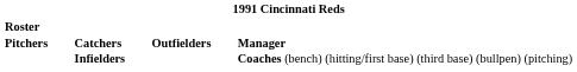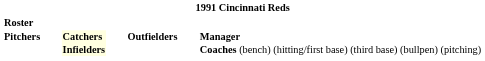 <table class="toccolours" style="font-size: 95%;">
 <tr>
 <th colspan="10">1991 Cincinnati Reds</th>
 </tr>
 <tr>
 <td colspan="10"><strong>Roster</strong></td>
 </tr>
 <tr>
 <td valign="top"><strong>Pitchers</strong><br>                </td>
 <td style="width:25px;"></td>
-<td valign="top"><strong>Catchers</strong><br>    <strong>Infielders</strong>           </td>
+<td valign="top" style="background: lightyellow;"><strong>Catchers</strong><br>    <strong>Infielders</strong>           </td>
 <td style="width:25px;"></td>
 <td valign="top"><strong>Outfielders</strong><br>       </td>
 <td style="width:25px;"></td>
 <td valign="top"><strong>Manager</strong><br> <strong>Coaches</strong>  (bench)  (hitting/first base)  (third base)  (bullpen)  (pitching)</td>
 </tr>
 </table>
